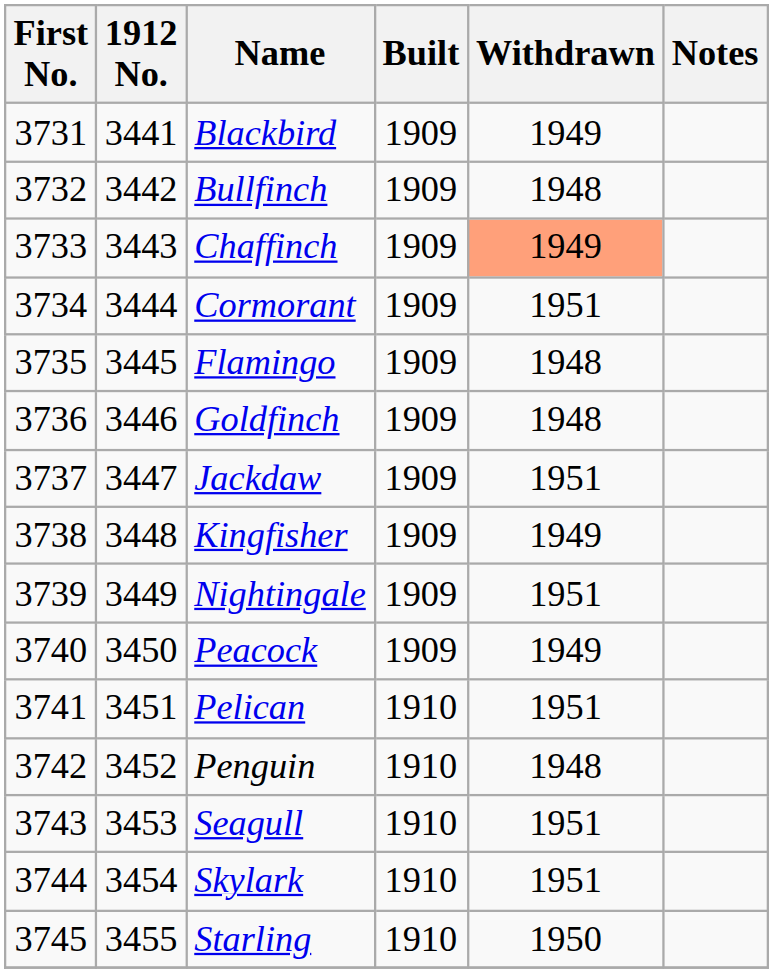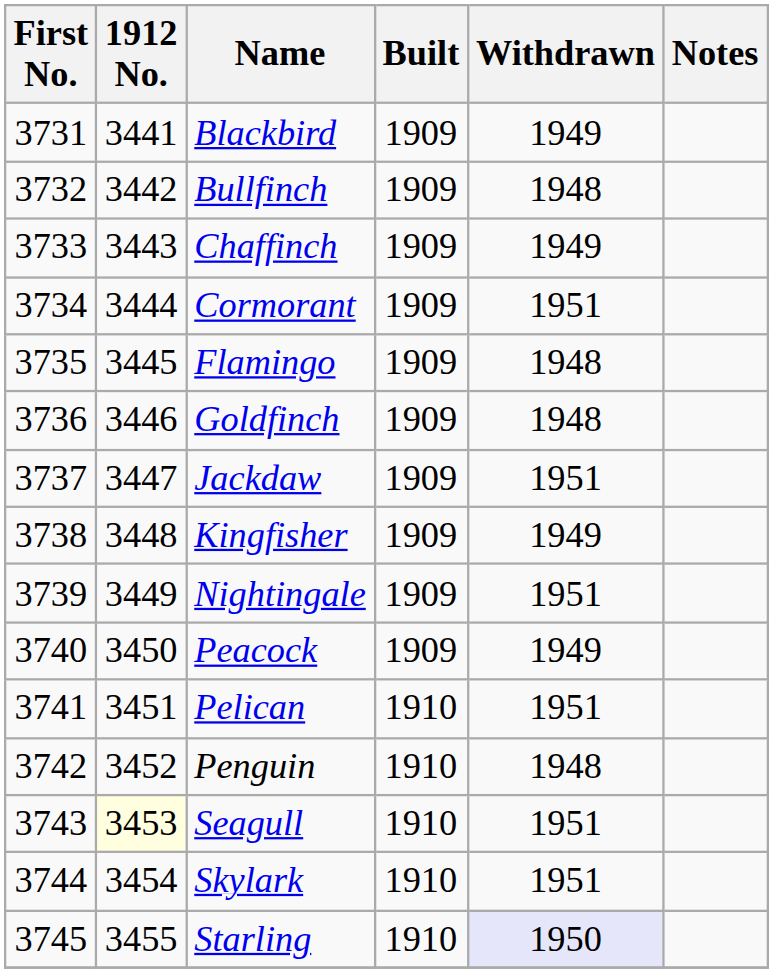 <table class="wikitable sortable" style="text-align:center">
 <tr>
 <th>First<br>No.</th>
 <th>1912<br>No.</th>
 <th>Name</th>
 <th>Built</th>
 <th>Withdrawn</th>
 <th>Notes</th>
 </tr>
 <tr>
 <td>3731</td>
 <td>3441</td>
 <td align=left><em><a href='#'>Blackbird</a></em></td>
 <td>1909</td>
 <td>1949</td>
 <td></td>
 </tr>
 <tr>
 <td align=center>3732</td>
 <td align=center>3442</td>
 <td align=left><em><a href='#'>Bullfinch</a></em></td>
 <td>1909</td>
 <td>1948</td>
 <td></td>
 </tr>
 <tr>
 <td align=center>3733</td>
 <td align=center>3443</td>
 <td align=left><em><a href='#'>Chaffinch</a></em></td>
 <td>1909</td>
-<td style="background: lightsalmon;">1949</td>
+<td>1949</td>
 <td></td>
 </tr>
 <tr>
 <td align=center>3734</td>
 <td align=center>3444</td>
 <td align=left><em><a href='#'>Cormorant</a></em></td>
 <td>1909</td>
 <td>1951</td>
 <td></td>
 </tr>
 <tr>
 <td align=center>3735</td>
 <td align=center>3445</td>
 <td align=left><em><a href='#'>Flamingo</a></em></td>
 <td>1909</td>
 <td>1948</td>
 <td></td>
 </tr>
 <tr>
 <td align=center>3736</td>
 <td align=center>3446</td>
 <td align=left><em><a href='#'>Goldfinch</a></em></td>
 <td>1909</td>
 <td>1948</td>
 <td></td>
 </tr>
 <tr>
 <td align=center>3737</td>
 <td align=center>3447</td>
 <td align=left><em><a href='#'>Jackdaw</a></em></td>
 <td>1909</td>
 <td>1951</td>
 <td></td>
 </tr>
 <tr>
 <td align=center>3738</td>
 <td align=center>3448</td>
 <td align=left><em><a href='#'>Kingfisher</a></em></td>
 <td>1909</td>
 <td>1949</td>
 <td></td>
 </tr>
 <tr>
 <td align=center>3739</td>
 <td align=center>3449</td>
 <td align=left><em><a href='#'>Nightingale</a></em></td>
 <td>1909</td>
 <td>1951</td>
 <td></td>
 </tr>
 <tr>
 <td align=center>3740</td>
 <td align=center>3450</td>
 <td align=left><em><a href='#'>Peacock</a></em></td>
 <td>1909</td>
 <td>1949</td>
 <td></td>
 </tr>
 <tr>
 <td align=center>3741</td>
 <td align=center>3451</td>
 <td align=left><em><a href='#'>Pelican</a></em></td>
 <td>1910</td>
 <td>1951</td>
 <td></td>
 </tr>
 <tr>
 <td align=center>3742</td>
 <td align=center>3452</td>
 <td align=left><em>Penguin</em></td>
 <td>1910</td>
 <td>1948</td>
 <td></td>
 </tr>
 <tr>
 <td align=center>3743</td>
-<td align=center>3453</td>
+<td align=center style="background: lightyellow;">3453</td>
 <td align=left><em><a href='#'>Seagull</a></em></td>
 <td>1910</td>
 <td>1951</td>
 <td></td>
 </tr>
 <tr>
 <td align=center>3744</td>
 <td align=center>3454</td>
 <td align=left><em><a href='#'>Skylark</a></em></td>
 <td>1910</td>
 <td>1951</td>
 <td></td>
 </tr>
 <tr>
 <td align=center>3745</td>
 <td align=center>3455</td>
 <td align=left><em><a href='#'>Starling</a></em></td>
 <td>1910</td>
-<td>1950</td>
+<td style="background: lavender;">1950</td>
 <td></td>
 </tr>
 <tr>
 </tr>
 </table>
